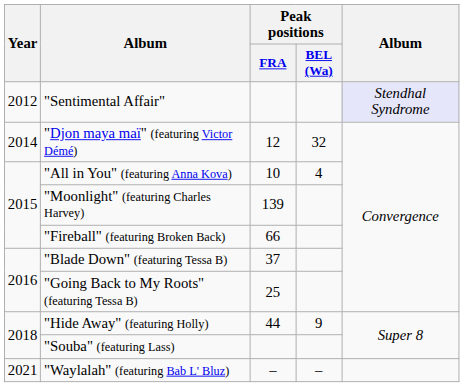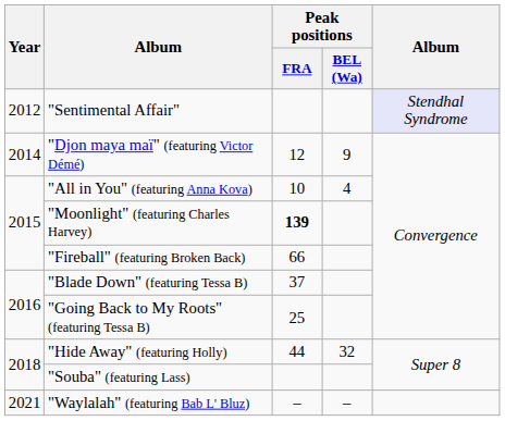 <table class="wikitable">
 <tr>
 <th align="center" rowspan="2" width="10">Year</th>
 <th align="center" rowspan="2" width="220">Album</th>
 <th align="center" colspan="2" width="20">Peak positions</th>
 <th align="center" rowspan="2" width="120">Album</th>
 </tr>
 <tr>
 <th scope="col" style="width:3em;font-size:90%;"><a href='#'>FRA</a><br></th>
 <th scope="col" style="width:3em;font-size:90%;"><a href='#'>BEL <br>(Wa)</a><br></th>
 </tr>
 <tr>
 <td style="text-align:center;">2012</td>
 <td>"Sentimental Affair"</td>
 <td style="text-align:center;"></td>
 <td style="text-align:center;"></td>
 <td style="background: lavender; text-align:center;"><em>Stendhal Syndrome</em></td>
 </tr>
 <tr>
 <td style="text-align:center;">2014</td>
 <td>"<a href='#'>Djon maya maï</a>" <small>(featuring <a href='#'>Victor Démé</a>)</small></td>
 <td style="text-align:center;">12</td>
-<td style="text-align:center;">32</td>
+<td style="text-align:center;">9</td>
 <td style="text-align:center;" rowspan="6"><em>Convergence</em> </td>
 </tr>
 <tr>
 <td style="text-align:center;" rowspan="3">2015</td>
 <td>"All in You" <small>(featuring <a href='#'>Anna Kova</a>)</small></td>
 <td style="text-align:center;">10</td>
 <td style="text-align:center;">4</td>
 </tr>
 <tr>
 <td>"Moonlight" <small>(featuring Charles Harvey)</small></td>
-<td style="text-align:center;">139</td>
+<td style="text-align:center;"><strong>139</strong></td>
 <td style="text-align:center;"></td>
 </tr>
 <tr>
 <td>"Fireball" <small>(featuring Broken Back)</small></td>
 <td style="text-align:center;">66</td>
 <td style="text-align:center;"></td>
 </tr>
 <tr>
 <td style="text-align:center;" rowspan="2">2016</td>
 <td>"Blade Down" <small>(featuring Tessa B)</small></td>
 <td style="text-align:center;">37</td>
 <td style="text-align:center;"></td>
 </tr>
 <tr>
 <td>"Going Back to My Roots" <small>(featuring Tessa B)</small></td>
 <td style="text-align:center;">25<br></td>
 <td style="text-align:center;"></td>
 </tr>
 <tr>
 <td style="text-align:center;" rowspan=2>2018</td>
 <td>"Hide Away" <small>(featuring Holly)</small></td>
 <td style="text-align:center;">44</td>
-<td style="text-align:center;">9</td>
+<td style="text-align:center;">32</td>
 <td style="text-align:center;" rowspan="2"><em>Super 8</em></td>
 </tr>
 <tr>
 <td>"Souba" <small>(featuring Lass)</small></td>
 <td style="text-align:center;"></td>
 <td style="text-align:center;"></td>
 </tr>
 <tr>
 <td style="text-align:center;" rowspan=2>2021</td>
 <td>"Waylalah" <small>(featuring <a href='#'>Bab L' Bluz</a>)</small></td>
 <td style="text-align:center;">–</td>
 <td style="text-align:center;">–</td>
 <td style="text-align:center;" rowspan="2"></td>
 </tr>
 </table>
